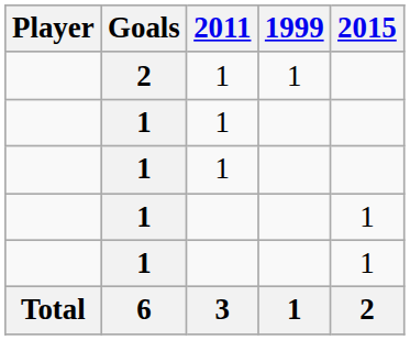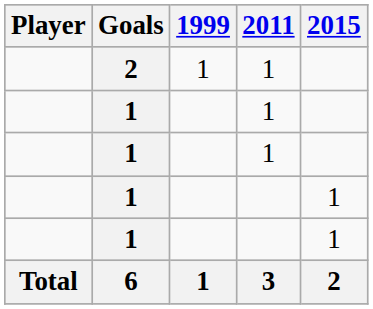 <table class="wikitable sortable" style="text-align:center;">
 <tr>
 <th>Player</th>
 <th>Goals</th>
+<th><a href='#'>1999</a></th>
 <th><a href='#'>2011</a></th>
-<th><a href='#'>1999</a></th>
 <th><a href='#'>2015</a></th>
 </tr>
 <tr>
 <td align="left"></td>
 <th>2</th>
 <td>1</td>
 <td>1</td>
 <td></td>
 </tr>
 <tr>
 <td align="left"></td>
 <th>1</th>
+<td></td>
 <td>1</td>
-<td></td>
 <td></td>
 </tr>
 <tr>
 <td align="left"></td>
 <th>1</th>
+<td></td>
 <td>1</td>
-<td></td>
 <td></td>
 </tr>
 <tr>
 <td align="left"></td>
 <th>1</th>
 <td></td>
 <td></td>
 <td>1</td>
 </tr>
 <tr>
 <td align="left"></td>
 <th>1</th>
 <td></td>
 <td></td>
 <td>1</td>
 </tr>
 <tr class="sortbottom">
 <th>Total</th>
 <th>6</th>
+<th>1</th>
 <th>3</th>
-<th>1</th>
 <th>2</th>
 </tr>
 </table>
